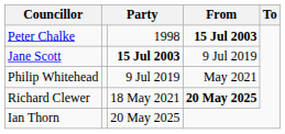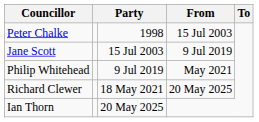 <table class=wikitable>
 <tr>
 <th>Councillor</th>
 <th colspan=2>Party</th>
 <th>From</th>
 <th>To</th>
 </tr>
 <tr>
 <td><a href='#'>Peter Chalke</a></td>
 <td></td>
 <td align=right>1998</td>
-<td align=right><strong>15 Jul 2003</strong></td>
+<td align=right>15 Jul 2003</td>
 </tr>
 <tr>
 <td><a href='#'>Jane Scott</a></td>
 <td></td>
-<td align=right><strong>15 Jul 2003</strong></td>
+<td align=right>15 Jul 2003</td>
 <td align=right>9 Jul 2019</td>
 </tr>
 <tr>
 <td>Philip Whitehead</td>
 <td></td>
 <td align=right>9 Jul 2019</td>
 <td align=right>May 2021</td>
 </tr>
 <tr>
 <td>Richard Clewer</td>
 <td></td>
 <td align=right>18 May 2021</td>
-<td align=right><strong>20 May 2025</strong></td>
+<td align=right>20 May 2025</td>
 </tr>
 <tr>
 <td>Ian Thorn</td>
 <td></td>
 <td align=right>20 May 2025</td>
 </tr>
 </table>
